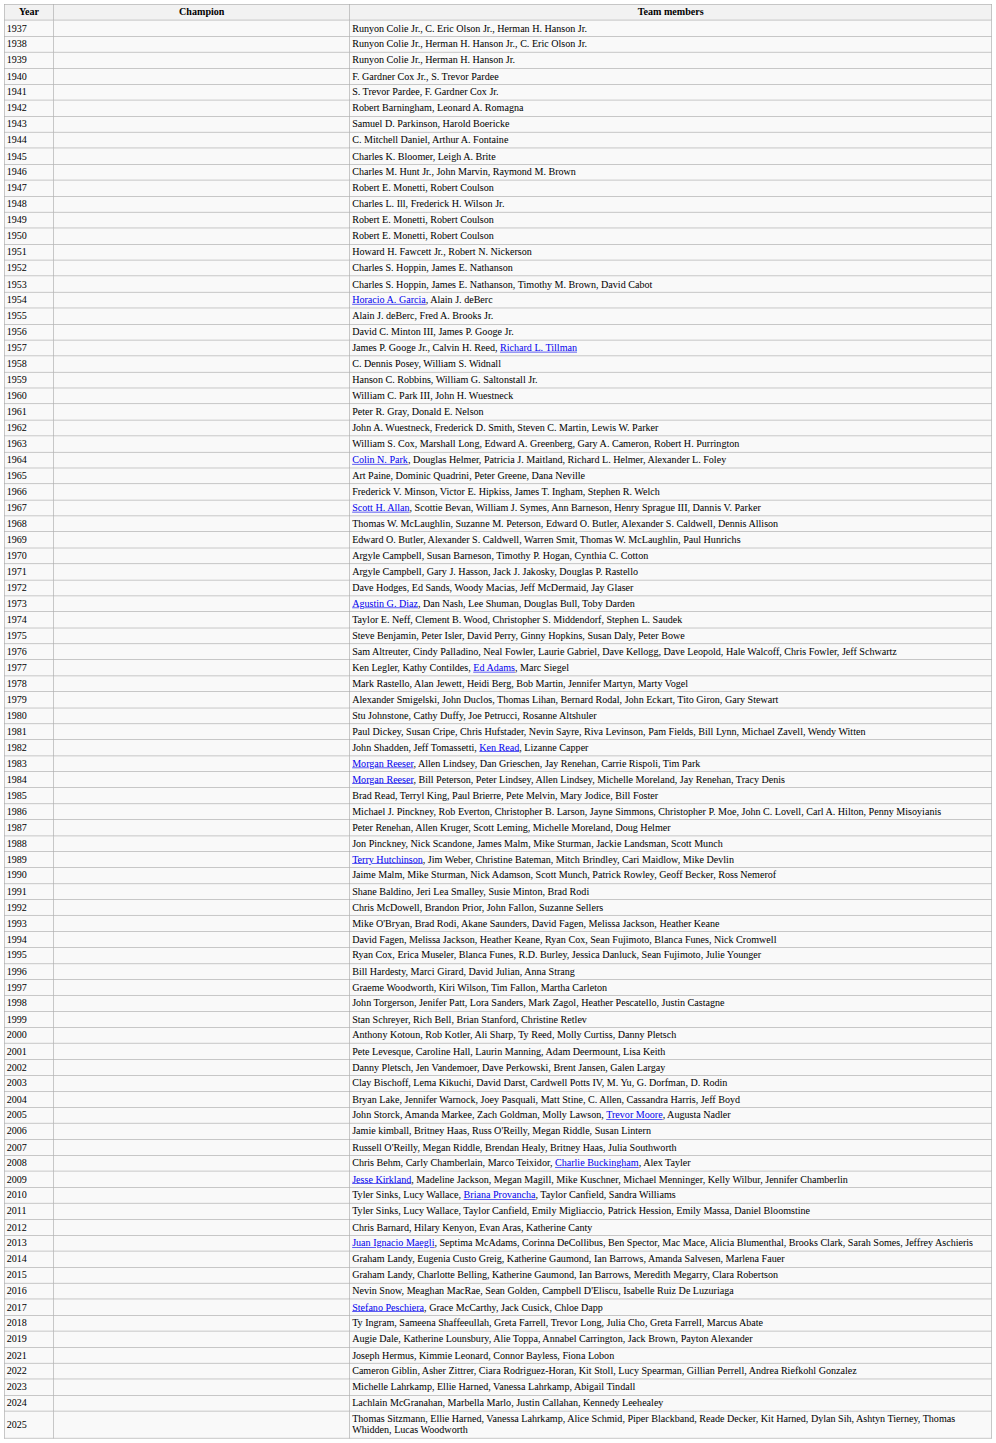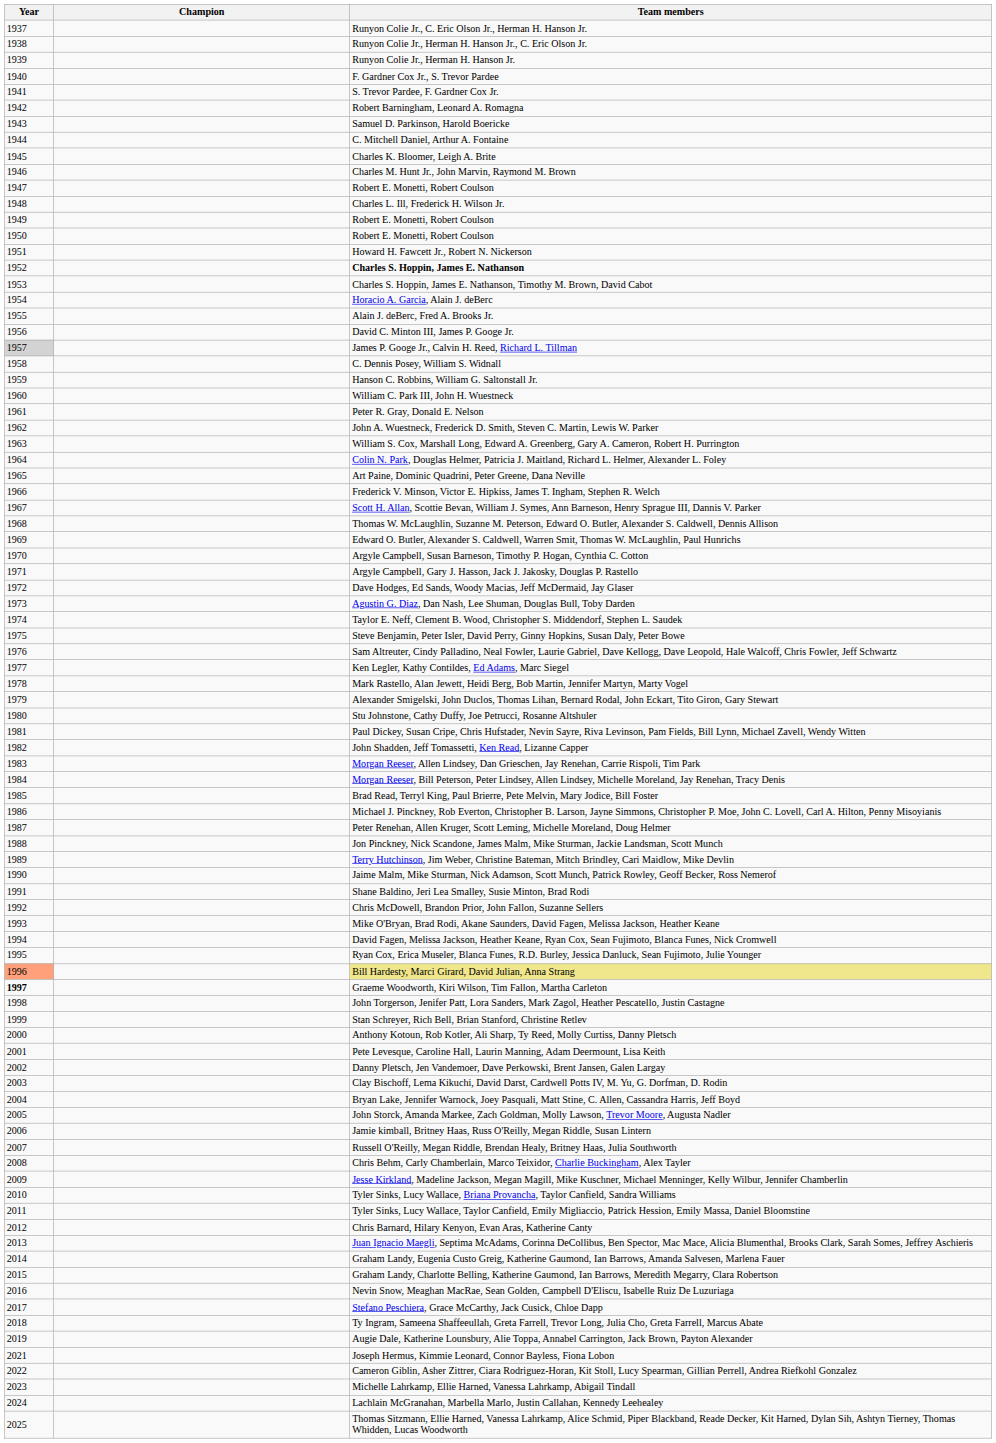 <table class="wikitable">
 <tr>
 <th style="width:5%;">Year</th>
 <th style="width:30%;">Champion</th>
 <th style="width:65%;">Team members</th>
 </tr>
 <tr>
 <td>1937</td>
 <td></td>
 <td>Runyon Colie Jr., C. Eric Olson Jr., Herman H. Hanson Jr.</td>
 </tr>
 <tr>
 <td>1938</td>
 <td></td>
 <td>Runyon Colie Jr., Herman H. Hanson Jr., C. Eric Olson Jr.</td>
 </tr>
 <tr>
 <td>1939</td>
 <td></td>
 <td>Runyon Colie Jr., Herman H. Hanson Jr.</td>
 </tr>
 <tr>
 <td>1940</td>
 <td></td>
 <td>F. Gardner Cox Jr., S. Trevor Pardee</td>
 </tr>
 <tr>
 <td>1941</td>
 <td></td>
 <td>S. Trevor Pardee, F. Gardner Cox Jr.</td>
 </tr>
 <tr>
 <td>1942</td>
 <td></td>
 <td>Robert Barningham, Leonard A. Romagna</td>
 </tr>
 <tr>
 <td>1943</td>
 <td></td>
 <td>Samuel D. Parkinson, Harold Boericke</td>
 </tr>
 <tr>
 <td>1944</td>
 <td></td>
 <td>C. Mitchell Daniel, Arthur A. Fontaine</td>
 </tr>
 <tr>
 <td>1945</td>
 <td></td>
 <td>Charles K. Bloomer, Leigh A. Brite</td>
 </tr>
 <tr>
 <td>1946</td>
 <td></td>
 <td>Charles M. Hunt Jr., John Marvin, Raymond M. Brown</td>
 </tr>
 <tr>
 <td>1947</td>
 <td></td>
 <td>Robert E. Monetti, Robert Coulson</td>
 </tr>
 <tr>
 <td>1948</td>
 <td></td>
 <td>Charles L. Ill, Frederick H. Wilson Jr.</td>
 </tr>
 <tr>
 <td>1949</td>
 <td></td>
 <td>Robert E. Monetti, Robert Coulson</td>
 </tr>
 <tr>
 <td>1950</td>
 <td></td>
 <td>Robert E. Monetti, Robert Coulson</td>
 </tr>
 <tr>
 <td>1951</td>
 <td></td>
 <td>Howard H. Fawcett Jr., Robert N. Nickerson</td>
 </tr>
 <tr>
 <td>1952</td>
 <td></td>
-<td>Charles S. Hoppin, James E. Nathanson</td>
+<td><strong>Charles S. Hoppin, James E. Nathanson</strong></td>
 </tr>
 <tr>
 <td>1953</td>
 <td></td>
 <td>Charles S. Hoppin, James E. Nathanson, Timothy M. Brown, David Cabot</td>
 </tr>
 <tr>
 <td>1954</td>
 <td></td>
 <td><a href='#'>Horacio A. Garcia</a>, Alain J. deBerc</td>
 </tr>
 <tr>
 <td>1955</td>
 <td></td>
 <td>Alain J. deBerc, Fred A. Brooks Jr.</td>
 </tr>
 <tr>
 <td>1956</td>
 <td></td>
 <td>David C. Minton III, James P. Googe Jr.</td>
 </tr>
 <tr>
-<td>1957</td>
+<td style="background: lightgrey;">1957</td>
 <td></td>
 <td>James P. Googe Jr., Calvin H. Reed, <a href='#'>Richard L. Tillman</a></td>
 </tr>
 <tr>
 <td>1958</td>
 <td></td>
 <td>C. Dennis Posey, William S. Widnall</td>
 </tr>
 <tr>
 <td>1959</td>
 <td></td>
 <td>Hanson C. Robbins, William G. Saltonstall Jr.</td>
 </tr>
 <tr>
 <td>1960</td>
 <td></td>
 <td>William C. Park III, John H. Wuestneck</td>
 </tr>
 <tr>
 <td>1961</td>
 <td></td>
 <td>Peter R. Gray, Donald E. Nelson</td>
 </tr>
 <tr>
 <td>1962</td>
 <td></td>
 <td>John A. Wuestneck, Frederick D. Smith, Steven C. Martin, Lewis W. Parker</td>
 </tr>
 <tr>
 <td>1963</td>
 <td></td>
 <td>William S. Cox, Marshall Long, Edward A. Greenberg, Gary A. Cameron, Robert H. Purrington</td>
 </tr>
 <tr>
 <td>1964</td>
 <td></td>
 <td><a href='#'>Colin N. Park</a>, Douglas Helmer, Patricia J. Maitland, Richard L. Helmer, Alexander L. Foley</td>
 </tr>
 <tr>
 <td>1965</td>
 <td></td>
 <td>Art Paine, Dominic Quadrini, Peter Greene, Dana Neville</td>
 </tr>
 <tr>
 <td>1966</td>
 <td></td>
 <td>Frederick V. Minson, Victor E. Hipkiss, James T. Ingham, Stephen R. Welch</td>
 </tr>
 <tr>
 <td>1967</td>
 <td></td>
 <td><a href='#'>Scott H. Allan</a>, Scottie Bevan, William J. Symes, Ann Barneson, Henry Sprague III, Dannis V. Parker</td>
 </tr>
 <tr>
 <td>1968</td>
 <td></td>
 <td>Thomas W. McLaughlin, Suzanne M. Peterson, Edward O. Butler, Alexander S. Caldwell, Dennis Allison</td>
 </tr>
 <tr>
 <td>1969</td>
 <td></td>
 <td>Edward O. Butler, Alexander S. Caldwell, Warren Smit, Thomas W. McLaughlin, Paul Hunrichs</td>
 </tr>
 <tr>
 <td>1970</td>
 <td></td>
 <td>Argyle Campbell, Susan Barneson, Timothy P. Hogan, Cynthia C. Cotton</td>
 </tr>
 <tr>
 <td>1971</td>
 <td></td>
 <td>Argyle Campbell, Gary J. Hasson, Jack J. Jakosky, Douglas P. Rastello</td>
 </tr>
 <tr>
 <td>1972</td>
 <td></td>
 <td>Dave Hodges, Ed Sands, Woody Macias, Jeff McDermaid, Jay Glaser</td>
 </tr>
 <tr>
 <td>1973</td>
 <td></td>
 <td><a href='#'>Agustin G. Diaz</a>, Dan Nash, Lee Shuman, Douglas Bull, Toby Darden</td>
 </tr>
 <tr>
 <td>1974</td>
 <td></td>
 <td>Taylor E. Neff, Clement B. Wood, Christopher S. Middendorf, Stephen L. Saudek</td>
 </tr>
 <tr>
 <td>1975</td>
 <td></td>
 <td>Steve Benjamin, Peter Isler, David Perry, Ginny Hopkins, Susan Daly, Peter Bowe</td>
 </tr>
 <tr>
 <td>1976</td>
 <td></td>
 <td>Sam Altreuter, Cindy Palladino, Neal Fowler, Laurie Gabriel, Dave Kellogg, Dave Leopold, Hale Walcoff, Chris Fowler, Jeff Schwartz</td>
 </tr>
 <tr>
 <td>1977</td>
 <td></td>
 <td>Ken Legler, Kathy Contildes, <a href='#'>Ed Adams</a>, Marc Siegel</td>
 </tr>
 <tr>
 <td>1978</td>
 <td></td>
 <td>Mark Rastello, Alan Jewett, Heidi Berg, Bob Martin, Jennifer Martyn, Marty Vogel</td>
 </tr>
 <tr>
 <td>1979</td>
 <td></td>
 <td>Alexander Smigelski, John Duclos, Thomas Lihan, Bernard Rodal, John Eckart, Tito Giron, Gary Stewart</td>
 </tr>
 <tr>
 <td>1980</td>
 <td></td>
 <td>Stu Johnstone, Cathy Duffy, Joe Petrucci, Rosanne Altshuler</td>
 </tr>
 <tr>
 <td>1981</td>
 <td></td>
 <td>Paul Dickey, Susan Cripe, Chris Hufstader, Nevin Sayre, Riva Levinson, Pam Fields, Bill Lynn, Michael Zavell, Wendy Witten</td>
 </tr>
 <tr>
 <td>1982</td>
 <td></td>
 <td>John Shadden, Jeff Tomassetti, <a href='#'>Ken Read</a>, Lizanne Capper</td>
 </tr>
 <tr>
 <td>1983</td>
 <td></td>
 <td><a href='#'>Morgan Reeser</a>, Allen Lindsey, Dan Grieschen, Jay Renehan, Carrie Rispoli, Tim Park</td>
 </tr>
 <tr>
 <td>1984</td>
 <td></td>
 <td><a href='#'>Morgan Reeser</a>, Bill Peterson, Peter Lindsey, Allen Lindsey, Michelle Moreland, Jay Renehan, Tracy Denis</td>
 </tr>
 <tr>
 <td>1985</td>
 <td></td>
 <td>Brad Read, Terryl King, Paul Brierre, Pete Melvin, Mary Jodice, Bill Foster</td>
 </tr>
 <tr>
 <td>1986</td>
 <td></td>
 <td>Michael J. Pinckney, Rob Everton, Christopher B. Larson, Jayne Simmons, Christopher P. Moe, John C. Lovell, Carl A. Hilton, Penny Misoyianis</td>
 </tr>
 <tr>
 <td>1987</td>
 <td></td>
 <td>Peter Renehan, Allen Kruger, Scott Leming, Michelle Moreland, Doug Helmer</td>
 </tr>
 <tr>
 <td>1988</td>
 <td></td>
 <td>Jon Pinckney, Nick Scandone, James Malm, Mike Sturman, Jackie Landsman, Scott Munch</td>
 </tr>
 <tr>
 <td>1989</td>
 <td></td>
 <td><a href='#'>Terry Hutchinson</a>, Jim Weber, Christine Bateman, Mitch Brindley, Cari Maidlow, Mike Devlin</td>
 </tr>
 <tr>
 <td>1990</td>
 <td></td>
 <td>Jaime Malm, Mike Sturman, Nick Adamson, Scott Munch, Patrick Rowley, Geoff Becker, Ross Nemerof</td>
 </tr>
 <tr>
 <td>1991</td>
 <td></td>
 <td>Shane Baldino, Jeri Lea Smalley, Susie Minton, Brad Rodi</td>
 </tr>
 <tr>
 <td>1992</td>
 <td></td>
 <td>Chris McDowell, Brandon Prior, John Fallon, Suzanne Sellers</td>
 </tr>
 <tr>
 <td>1993</td>
 <td></td>
 <td>Mike O'Bryan, Brad Rodi, Akane Saunders, David Fagen, Melissa Jackson, Heather Keane</td>
 </tr>
 <tr>
 <td>1994</td>
 <td></td>
 <td>David Fagen, Melissa Jackson, Heather Keane, Ryan Cox, Sean Fujimoto, Blanca Funes, Nick Cromwell</td>
 </tr>
 <tr>
 <td>1995</td>
 <td></td>
 <td>Ryan Cox, Erica Museler, Blanca Funes, R.D. Burley, Jessica Danluck, Sean Fujimoto, Julie Younger</td>
 </tr>
 <tr>
-<td>1996</td>
+<td style="background: lightsalmon;">1996</td>
 <td></td>
-<td>Bill Hardesty, Marci Girard, David Julian, Anna Strang</td>
+<td style="background: khaki;">Bill Hardesty, Marci Girard, David Julian, Anna Strang</td>
 </tr>
 <tr>
-<td>1997</td>
+<td><strong>1997</strong></td>
 <td></td>
 <td>Graeme Woodworth, Kiri Wilson, Tim Fallon, Martha Carleton</td>
 </tr>
 <tr>
 <td>1998</td>
 <td></td>
 <td>John Torgerson, Jenifer Patt, Lora Sanders, Mark Zagol, Heather Pescatello, Justin Castagne</td>
 </tr>
 <tr>
 <td>1999</td>
 <td></td>
 <td>Stan Schreyer, Rich Bell, Brian Stanford, Christine Retlev</td>
 </tr>
 <tr>
 <td>2000</td>
 <td></td>
 <td>Anthony Kotoun, Rob Kotler, Ali Sharp, Ty Reed, Molly Curtiss, Danny Pletsch</td>
 </tr>
 <tr>
 <td>2001</td>
 <td></td>
 <td>Pete Levesque, Caroline Hall, Laurin Manning, Adam Deermount, Lisa Keith</td>
 </tr>
 <tr>
 <td>2002</td>
 <td></td>
 <td>Danny Pletsch, Jen Vandemoer, Dave Perkowski, Brent Jansen, Galen Largay</td>
 </tr>
 <tr>
 <td>2003</td>
 <td></td>
 <td>Clay Bischoff, Lema Kikuchi, David Darst, Cardwell Potts IV, M. Yu, G. Dorfman, D. Rodin</td>
 </tr>
 <tr>
 <td>2004</td>
 <td></td>
 <td>Bryan Lake, Jennifer Warnock, Joey Pasquali, Matt Stine, C. Allen, Cassandra Harris, Jeff Boyd</td>
 </tr>
 <tr>
 <td>2005</td>
 <td></td>
 <td>John Storck, Amanda Markee, Zach Goldman, Molly Lawson, <a href='#'>Trevor Moore</a>, Augusta Nadler</td>
 </tr>
 <tr>
 <td>2006</td>
 <td></td>
 <td>Jamie kimball, Britney Haas, Russ O'Reilly, Megan Riddle, Susan Lintern</td>
 </tr>
 <tr>
 <td>2007</td>
 <td></td>
 <td>Russell O'Reilly, Megan Riddle, Brendan Healy, Britney Haas, Julia Southworth</td>
 </tr>
 <tr>
 <td>2008</td>
 <td></td>
 <td>Chris Behm, Carly Chamberlain, Marco Teixidor, <a href='#'>Charlie Buckingham</a>, Alex Tayler</td>
 </tr>
 <tr>
 <td>2009</td>
 <td></td>
 <td><a href='#'>Jesse Kirkland</a>, Madeline Jackson, Megan Magill, Mike Kuschner, Michael Menninger, Kelly Wilbur, Jennifer Chamberlin</td>
 </tr>
 <tr>
 <td>2010</td>
 <td></td>
 <td>Tyler Sinks, Lucy Wallace, <a href='#'>Briana Provancha</a>, Taylor Canfield, Sandra Williams</td>
 </tr>
 <tr>
 <td>2011</td>
 <td></td>
 <td>Tyler Sinks, Lucy Wallace, Taylor Canfield, Emily Migliaccio, Patrick Hession, Emily Massa, Daniel Bloomstine</td>
 </tr>
 <tr>
 <td>2012</td>
 <td></td>
 <td>Chris Barnard, Hilary Kenyon, Evan Aras, Katherine Canty</td>
 </tr>
 <tr>
 <td>2013</td>
 <td></td>
 <td><a href='#'>Juan Ignacio Maegli</a>, Septima McAdams, Corinna DeCollibus, Ben Spector, Mac Mace, Alicia Blumenthal, Brooks Clark, Sarah Somes, Jeffrey Aschieris</td>
 </tr>
 <tr>
 <td>2014</td>
 <td></td>
 <td>Graham Landy, Eugenia Custo Greig, Katherine Gaumond, Ian Barrows, Amanda Salvesen, Marlena Fauer</td>
 </tr>
 <tr>
 <td>2015</td>
 <td></td>
 <td>Graham Landy, Charlotte Belling, Katherine Gaumond, Ian Barrows, Meredith Megarry, Clara Robertson</td>
 </tr>
 <tr>
 <td>2016</td>
 <td></td>
 <td>Nevin Snow, Meaghan MacRae, Sean Golden, Campbell D'Eliscu, Isabelle Ruiz De Luzuriaga</td>
 </tr>
 <tr>
 <td>2017</td>
 <td></td>
 <td><a href='#'>Stefano Peschiera</a>, Grace McCarthy, Jack Cusick, Chloe Dapp</td>
 </tr>
 <tr>
 <td>2018</td>
 <td></td>
 <td>Ty Ingram, Sameena Shaffeeullah, Greta Farrell, Trevor Long, Julia Cho, Greta Farrell, Marcus Abate</td>
 </tr>
 <tr>
 <td>2019</td>
 <td></td>
 <td>Augie Dale, Katherine Lounsbury, Alie Toppa, Annabel Carrington, Jack Brown, Payton Alexander</td>
 </tr>
 <tr>
 <td>2021</td>
 <td></td>
 <td>Joseph Hermus, Kimmie Leonard, Connor Bayless, Fiona Lobon</td>
 </tr>
 <tr>
 <td>2022</td>
 <td></td>
 <td>Cameron Giblin, Asher Zittrer, Ciara Rodriguez-Horan, Kit Stoll, Lucy Spearman, Gillian Perrell, Andrea Riefkohl Gonzalez</td>
 </tr>
 <tr>
 <td>2023</td>
 <td></td>
 <td>Michelle Lahrkamp, Ellie Harned, Vanessa Lahrkamp, Abigail Tindall</td>
 </tr>
 <tr>
 <td>2024</td>
 <td></td>
 <td>Lachlain McGranahan, Marbella Marlo, Justin Callahan, Kennedy Leehealey</td>
 </tr>
 <tr>
 <td>2025</td>
 <td></td>
 <td>Thomas Sitzmann, Ellie Harned, Vanessa Lahrkamp, Alice Schmid, Piper Blackband, Reade Decker, Kit Harned, Dylan Sih, Ashtyn Tierney, Thomas Whidden, Lucas Woodworth</td>
 </tr>
 </table>
